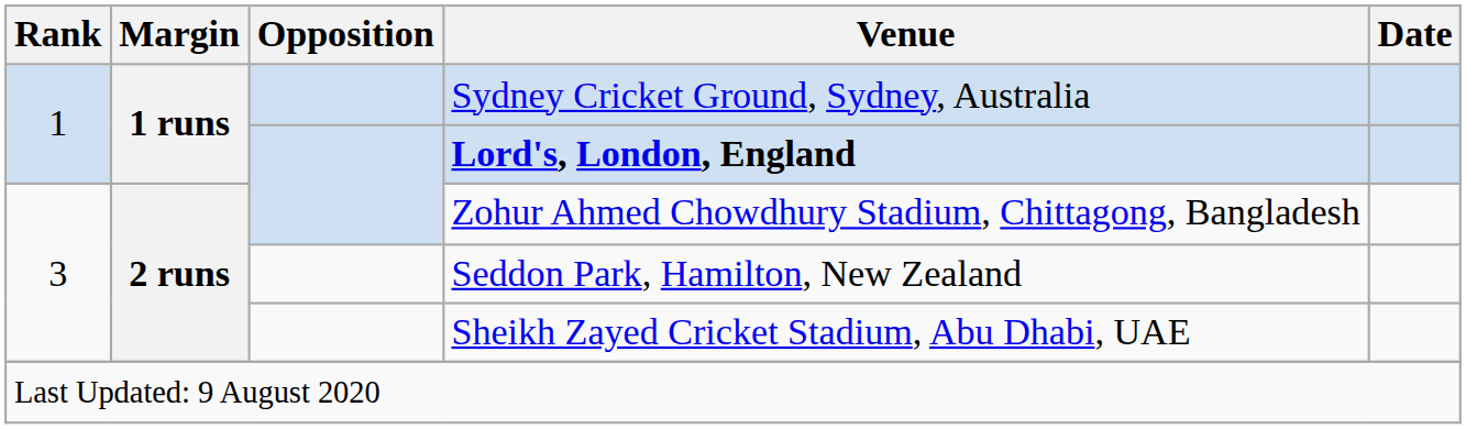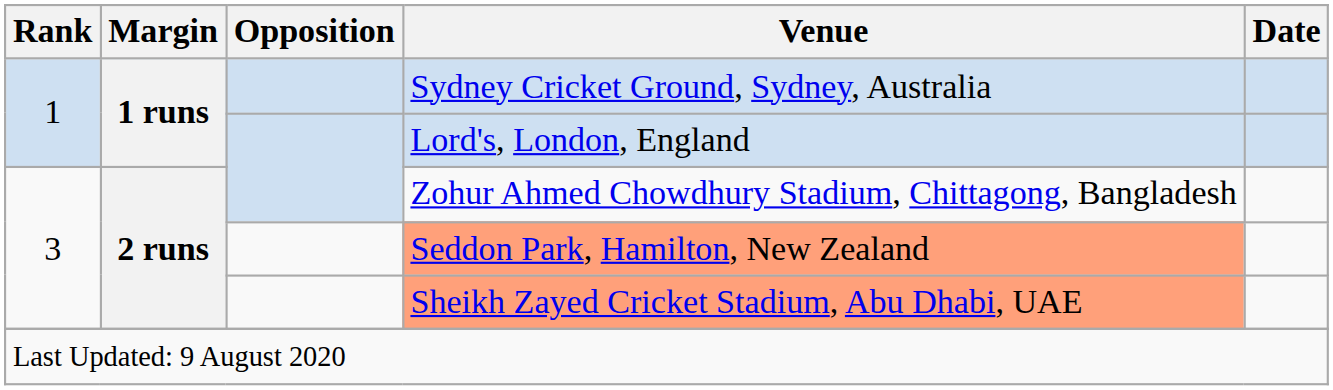 <table class="wikitable plainrowheaders sortable">
 <tr>
 <th scope=col>Rank</th>
 <th scope=col>Margin</th>
 <th scope=col>Opposition</th>
 <th scope=col>Venue</th>
 <th scope=col>Date</th>
 </tr>
 <tr bgcolor=#cee0f2>
 <td align=center rowspan=2>1</td>
 <th scope=row style=text-align:center rowspan=2>1 runs</th>
 <td></td>
 <td><a href='#'>Sydney Cricket Ground</a>, <a href='#'>Sydney</a>, Australia</td>
 <td></td>
 </tr>
 <tr bgcolor=#cee0f2>
 <td rowspan=2></td>
-<td><strong><a href='#'>Lord's</a>, <a href='#'>London</a>, England</strong></td>
+<td><a href='#'>Lord's</a>, <a href='#'>London</a>, England</td>
 <td> </td>
 </tr>
 <tr>
 <td align=center rowspan=3>3</td>
 <th scope=row style=text-align:center rowspan=3>2 runs</th>
 <td><a href='#'>Zohur Ahmed Chowdhury Stadium</a>, <a href='#'>Chittagong</a>, Bangladesh</td>
 <td> </td>
 </tr>
 <tr>
 <td></td>
-<td><a href='#'>Seddon Park</a>, <a href='#'>Hamilton</a>, New Zealand</td>
+<td style="background: lightsalmon;"><a href='#'>Seddon Park</a>, <a href='#'>Hamilton</a>, New Zealand</td>
 <td></td>
 </tr>
 <tr>
 <td></td>
-<td><a href='#'>Sheikh Zayed Cricket Stadium</a>, <a href='#'>Abu Dhabi</a>, UAE</td>
+<td style="background: lightsalmon;"><a href='#'>Sheikh Zayed Cricket Stadium</a>, <a href='#'>Abu Dhabi</a>, UAE</td>
 <td></td>
 </tr>
 <tr>
 </tr>
 <tr class=sortbottom>
 <td colspan=5><small>Last Updated: 9 August 2020</small></td>
 </tr>
 </table>
